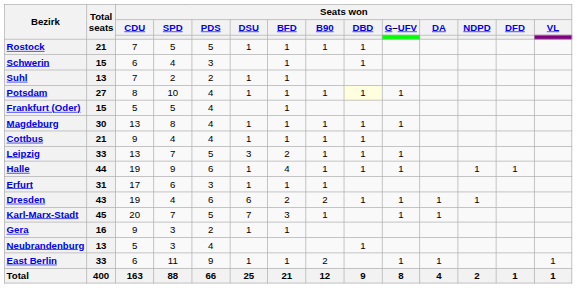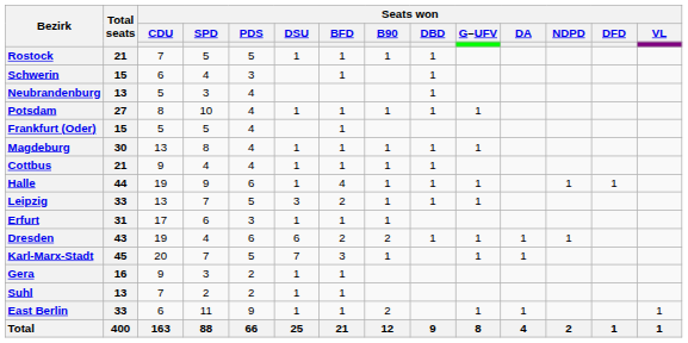 <table class="wikitable" style="text-align:center; font-size: 0.9em;">
 <tr>
 <th rowspan="3">Bezirk</th>
 <th rowspan="3">Total<br>seats</th>
 <th colspan="12">Seats won</th>
 </tr>
 <tr>
 <th class="unsortable" style="width:50px;"><a href='#'>CDU</a></th>
 <th class="unsortable" style="width:50px;"><a href='#'>SPD</a></th>
 <th class="unsortable" style="width:50px;"><a href='#'>PDS</a></th>
 <th class="unsortable" style="width:50px;"><a href='#'>DSU</a></th>
 <th class="unsortable" style="width:50px;"><a href='#'>BFD</a></th>
 <th class="unsortable" style="width:50px;"><a href='#'>B90</a></th>
 <th class="unsortable" style="width:50px;"><a href='#'>DBD</a></th>
 <th class="unsortable" style="width:50px;"><a href='#'>G</a>–<a href='#'>UFV</a></th>
 <th class="unsortable" style="width:50px;"><a href='#'>DA</a></th>
 <th class="unsortable" style="width:50px;"><a href='#'>NDPD</a></th>
 <th class="unsortable" style="width:50px;"><a href='#'>DFD</a></th>
 <th class="unsortable" style="width:50px;"><a href='#'>VL</a></th>
 </tr>
 <tr>
 <th style="background:"></th>
 <th style="background:"></th>
 <th style="background:"></th>
 <th style="background:"></th>
 <th style="background:"></th>
 <th style="background:"></th>
 <th style="background:"></th>
 <th style="background:#00FF00;"></th>
 <th style="background:"></th>
 <th style="background:"></th>
 <th style="background:"></th>
 <th style="background:#800080;"></th>
 </tr>
 <tr>
 <th style="text-align: left;"><a href='#'>Rostock</a></th>
 <th>21</th>
 <td>7</td>
 <td>5</td>
 <td>5</td>
 <td>1</td>
 <td>1</td>
 <td>1</td>
 <td>1</td>
 <td></td>
 <td></td>
 <td></td>
 <td></td>
 <td></td>
 </tr>
 <tr>
 <th style="text-align: left;"><a href='#'>Schwerin</a></th>
 <th>15</th>
 <td>6</td>
 <td>4</td>
 <td>3</td>
 <td></td>
 <td>1</td>
 <td></td>
 <td>1</td>
 <td></td>
 <td></td>
 <td></td>
 <td></td>
 <td></td>
 </tr>
 <tr>
-<th style="text-align: left;"><a href='#'>Suhl</a></th>
+<th style="text-align: left;"><a href='#'>Neubrandenburg</a></th>
 <th>13</th>
-<td>7</td>
-<td>2</td>
-<td>2</td>
-<td>1</td>
-<td>1</td>
+<td>5</td>
+<td>3</td>
+<td>4</td>
 <td></td>
 <td></td>
+<td></td>
+<td>1</td>
 <td></td>
 <td></td>
 <td></td>
 <td></td>
 <td></td>
 </tr>
 <tr>
 <th style="text-align: left;"><a href='#'>Potsdam</a></th>
 <th>27</th>
 <td>8</td>
 <td>10</td>
 <td>4</td>
 <td>1</td>
 <td>1</td>
 <td>1</td>
-<td style="background: lightyellow;">1</td>
+<td>1</td>
 <td>1</td>
 <td></td>
 <td></td>
 <td></td>
 <td></td>
 </tr>
 <tr>
 <th style="text-align: left;"><a href='#'>Frankfurt (Oder)</a></th>
 <th>15</th>
 <td>5</td>
 <td>5</td>
 <td>4</td>
 <td></td>
 <td>1</td>
 <td></td>
 <td></td>
 <td></td>
 <td></td>
 <td></td>
 <td></td>
 <td></td>
 </tr>
 <tr>
 <th style="text-align: left;"><a href='#'>Magdeburg</a></th>
 <th>30</th>
 <td>13</td>
 <td>8</td>
 <td>4</td>
 <td>1</td>
 <td>1</td>
 <td>1</td>
 <td>1</td>
 <td>1</td>
 <td></td>
 <td></td>
 <td></td>
 <td></td>
 </tr>
 <tr>
 <th style="text-align: left;"><a href='#'>Cottbus</a></th>
 <th>21</th>
 <td>9</td>
 <td>4</td>
 <td>4</td>
 <td>1</td>
 <td>1</td>
 <td>1</td>
 <td>1</td>
 <td></td>
 <td></td>
 <td></td>
 <td></td>
 <td></td>
 </tr>
 <tr>
+<th style="text-align: left;"><a href='#'>Halle</a></th>
+<th>44</th>
+<td>19</td>
+<td>9</td>
+<td>6</td>
+<td>1</td>
+<td>4</td>
+<td>1</td>
+<td>1</td>
+<td>1</td>
+<td></td>
+<td>1</td>
+<td>1</td>
+<td></td>
+</tr>
+<tr>
 <th style="text-align: left;"><a href='#'>Leipzig</a></th>
 <th>33</th>
 <td>13</td>
 <td>7</td>
 <td>5</td>
 <td>3</td>
 <td>2</td>
 <td>1</td>
 <td>1</td>
 <td>1</td>
 <td></td>
 <td></td>
 <td></td>
-<td></td>
-</tr>
-<tr>
-<th style="text-align: left;"><a href='#'>Halle</a></th>
-<th>44</th>
-<td>19</td>
-<td>9</td>
-<td>6</td>
-<td>1</td>
-<td>4</td>
-<td>1</td>
-<td>1</td>
-<td>1</td>
-<td></td>
-<td>1</td>
-<td>1</td>
 <td></td>
 </tr>
 <tr>
 <th style="text-align: left;"><a href='#'>Erfurt</a></th>
 <th>31</th>
 <td>17</td>
 <td>6</td>
 <td>3</td>
 <td>1</td>
 <td>1</td>
 <td>1</td>
 <td></td>
 <td></td>
 <td></td>
 <td></td>
 <td></td>
 <td></td>
 </tr>
 <tr>
 <th style="text-align: left;"><a href='#'>Dresden</a></th>
 <th>43</th>
 <td>19</td>
 <td>4</td>
 <td>6</td>
 <td>6</td>
 <td>2</td>
 <td>2</td>
 <td>1</td>
 <td>1</td>
 <td>1</td>
 <td>1</td>
 <td></td>
 <td></td>
 </tr>
 <tr>
 <th style="text-align: left;"><a href='#'>Karl-Marx-Stadt</a></th>
 <th>45</th>
 <td>20</td>
 <td>7</td>
 <td>5</td>
 <td>7</td>
 <td>3</td>
 <td>1</td>
 <td></td>
 <td>1</td>
 <td>1</td>
 <td></td>
 <td></td>
 <td></td>
 </tr>
 <tr>
 <th style="text-align: left;"><a href='#'>Gera</a></th>
 <th>16</th>
 <td>9</td>
 <td>3</td>
 <td>2</td>
 <td>1</td>
 <td>1</td>
 <td></td>
 <td></td>
 <td></td>
 <td></td>
 <td></td>
 <td></td>
 <td></td>
 </tr>
 <tr>
-<th style="text-align: left;"><a href='#'>Neubrandenburg</a></th>
+<th style="text-align: left;"><a href='#'>Suhl</a></th>
 <th>13</th>
-<td>5</td>
-<td>3</td>
-<td>4</td>
+<td>7</td>
+<td>2</td>
+<td>2</td>
+<td>1</td>
+<td>1</td>
 <td></td>
 <td></td>
-<td></td>
-<td>1</td>
 <td></td>
 <td></td>
 <td></td>
 <td></td>
 <td></td>
 </tr>
 <tr>
 <th style="text-align: left;"><a href='#'>East Berlin</a></th>
 <th>33</th>
 <td>6</td>
 <td>11</td>
 <td>9</td>
 <td>1</td>
 <td>1</td>
 <td>2</td>
 <td></td>
 <td>1</td>
 <td>1</td>
 <td></td>
 <td></td>
 <td>1</td>
 </tr>
 <tr>
 <th style="text-align: left;">Total</th>
 <th>400</th>
 <th>163</th>
 <th>88</th>
 <th>66</th>
 <th>25</th>
 <th>21</th>
 <th>12</th>
 <th>9</th>
 <th>8</th>
 <th>4</th>
 <th>2</th>
 <th>1</th>
 <th>1</th>
 </tr>
 </table>
